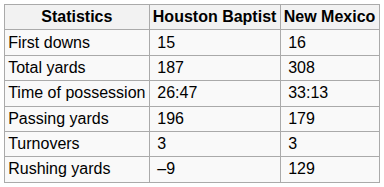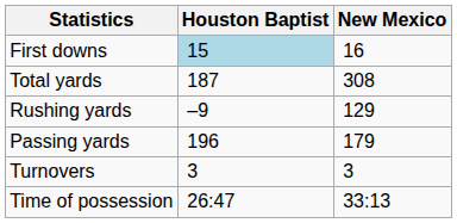 <table class="wikitable">
 <tr>
 <th>Statistics</th>
 <th>Houston Baptist</th>
 <th>New Mexico</th>
 </tr>
 <tr>
 <td>First downs</td>
-<td> 15</td>
+<td style="background: lightblue;"> 15</td>
 <td> 16</td>
 </tr>
 <tr>
 <td>Total yards</td>
 <td> 187</td>
 <td> 308</td>
 </tr>
 <tr>
-<td>Time of possession</td>
-<td> 26:47</td>
-<td> 33:13</td>
+<td>Rushing yards</td>
+<td> –9</td>
+<td> 129</td>
 </tr>
 <tr>
 <td>Passing yards</td>
 <td> 196</td>
 <td> 179</td>
 </tr>
 <tr>
 <td>Turnovers</td>
 <td> 3</td>
 <td> 3</td>
 </tr>
 <tr>
-<td>Rushing yards</td>
-<td> –9</td>
-<td> 129</td>
+<td>Time of possession</td>
+<td> 26:47</td>
+<td> 33:13</td>
 </tr>
 <tr>
 </tr>
 </table>
